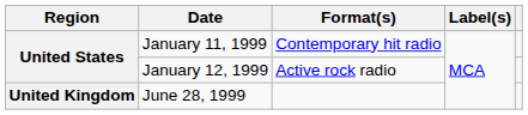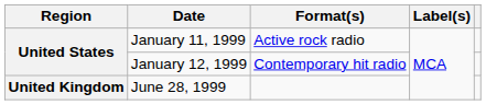 <table class="wikitable plainrowheaders">
 <tr>
 <th>Region</th>
 <th>Date</th>
 <th>Format(s)</th>
 <th>Label(s)</th>
 <th></th>
 </tr>
 <tr>
 <th scope="row" rowspan="2">United States</th>
 <td>January 11, 1999</td>
-<td><a href='#'>Contemporary hit radio</a></td>
+<td><a href='#'>Active rock</a> radio</td>
 <td rowspan="3"><a href='#'>MCA</a></td>
 <td></td>
 </tr>
 <tr>
 <td>January 12, 1999</td>
-<td><a href='#'>Active rock</a> radio</td>
+<td><a href='#'>Contemporary hit radio</a></td>
 <td></td>
 </tr>
 <tr>
 <th scope="row">United Kingdom</th>
 <td>June 28, 1999</td>
 <td rowspan="2"></td>
 <td></td>
 </tr>
 </table>
